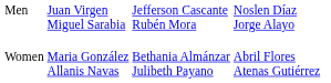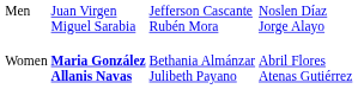 <table>
 <tr>
 <td>Men</td>
 <td><br><a href='#'>Juan Virgen</a><br><a href='#'>Miguel Sarabia</a></td>
 <td><br><a href='#'>Jefferson Cascante</a><br><a href='#'>Rubén Mora</a></td>
 <td><br><a href='#'>Noslen Díaz</a><br><a href='#'>Jorge Alayo</a></td>
 </tr>
 <tr>
 <td>Women</td>
-<td><br><a href='#'>Maria González</a><br><a href='#'>Allanis Navas</a></td>
+<td><strong><br><a href='#'>Maria González</a><br><a href='#'>Allanis Navas</a></strong></td>
 <td><br><a href='#'>Bethania Almánzar</a><br><a href='#'>Julibeth Payano</a></td>
 <td><br><a href='#'>Abril Flores</a><br><a href='#'>Atenas Gutiérrez</a></td>
 </tr>
 </table>
